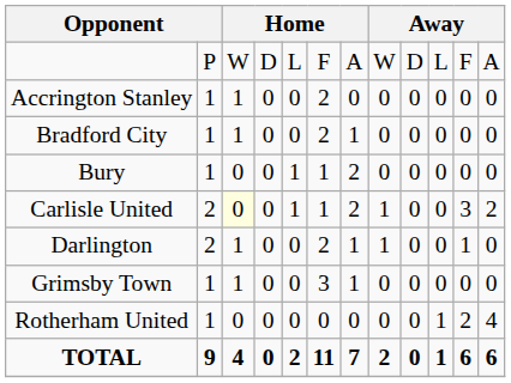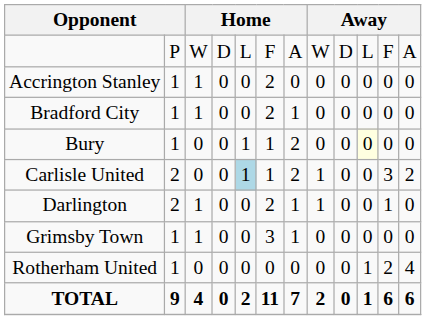 <table class="wikitable" style="text-align: center">
 <tr>
 <th colspan=2>Opponent</th>
 <th colspan=5>Home</th>
 <th colspan=5>Away</th>
 </tr>
 <tr>
 <td></td>
 <td>P</td>
 <td>W</td>
 <td>D</td>
 <td>L</td>
 <td>F</td>
 <td>A</td>
 <td>W</td>
 <td>D</td>
 <td>L</td>
 <td>F</td>
 <td>A</td>
 </tr>
 <tr>
 <td>Accrington Stanley</td>
 <td>1</td>
 <td>1</td>
 <td>0</td>
 <td>0</td>
 <td>2</td>
 <td>0</td>
 <td>0</td>
 <td>0</td>
 <td>0</td>
 <td>0</td>
 <td>0</td>
 </tr>
 <tr>
 <td>Bradford City</td>
 <td>1</td>
 <td>1</td>
 <td>0</td>
 <td>0</td>
 <td>2</td>
 <td>1</td>
 <td>0</td>
 <td>0</td>
 <td>0</td>
 <td>0</td>
 <td>0</td>
 </tr>
 <tr>
 <td>Bury</td>
 <td>1</td>
 <td>0</td>
 <td>0</td>
 <td>1</td>
 <td>1</td>
 <td>2</td>
 <td>0</td>
 <td>0</td>
-<td>0</td>
+<td style="background: lightyellow;">0</td>
 <td>0</td>
 <td>0</td>
 </tr>
 <tr>
 <td>Carlisle United</td>
 <td>2</td>
-<td style="background: lightyellow;">0</td>
 <td>0</td>
-<td>1</td>
+<td>0</td>
+<td style="background: lightblue;">1</td>
 <td>1</td>
 <td>2</td>
 <td>1</td>
 <td>0</td>
 <td>0</td>
 <td>3</td>
 <td>2</td>
 </tr>
 <tr>
 <td>Darlington</td>
 <td>2</td>
 <td>1</td>
 <td>0</td>
 <td>0</td>
 <td>2</td>
 <td>1</td>
 <td>1</td>
 <td>0</td>
 <td>0</td>
 <td>1</td>
 <td>0</td>
 </tr>
 <tr>
 <td>Grimsby Town</td>
 <td>1</td>
 <td>1</td>
 <td>0</td>
 <td>0</td>
 <td>3</td>
 <td>1</td>
 <td>0</td>
 <td>0</td>
 <td>0</td>
 <td>0</td>
 <td>0</td>
 </tr>
 <tr>
 <td>Rotherham United</td>
 <td>1</td>
 <td>0</td>
 <td>0</td>
 <td>0</td>
 <td>0</td>
 <td>0</td>
 <td>0</td>
 <td>0</td>
 <td>1</td>
 <td>2</td>
 <td>4</td>
 </tr>
 <tr>
 <td><strong>TOTAL</strong></td>
 <td><strong>9</strong></td>
 <td><strong>4</strong></td>
 <td><strong>0</strong></td>
 <td><strong>2</strong></td>
 <td><strong>11</strong></td>
 <td><strong>7</strong></td>
 <td><strong>2</strong></td>
 <td><strong>0</strong></td>
 <td><strong>1</strong></td>
 <td><strong>6</strong></td>
 <td><strong>6</strong></td>
 </tr>
 <tr>
 </tr>
 </table>
